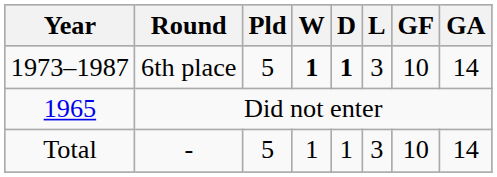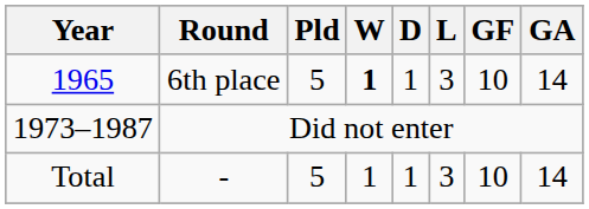 <table class="wikitable" style="text-align: center;">
 <tr>
 <th>Year</th>
 <th>Round</th>
 <th>Pld</th>
 <th>W</th>
 <th>D</th>
 <th>L</th>
 <th>GF</th>
 <th>GA</th>
 </tr>
 <tr>
-<td>1973–1987</td>
+<td> <a href='#'>1965</a></td>
 <td>6th place</td>
 <td>5</td>
 <td><strong>1</strong></td>
-<td><strong>1</strong></td>
+<td>1</td>
 <td>3</td>
 <td>10</td>
 <td>14</td>
 </tr>
 <tr>
-<td> <a href='#'>1965</a></td>
+<td>1973–1987</td>
 <td colspan=7>Did not enter</td>
 </tr>
 <tr>
 <td>Total</td>
 <td>-</td>
 <td>5</td>
 <td>1</td>
 <td>1</td>
 <td>3</td>
 <td>10</td>
 <td>14</td>
 </tr>
 </table>
